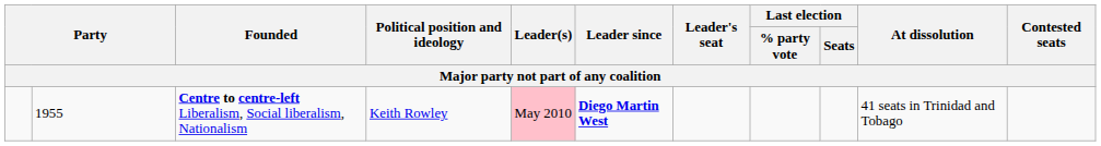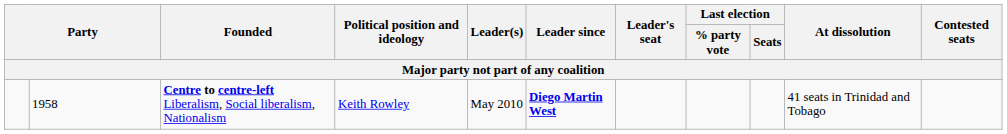 <table class="wikitable sortable">
 <tr>
 <th colspan="2" rowspan="2" style="width:16em;">Party</th>
 <th rowspan="2">Founded</th>
 <th rowspan="2">Political position and ideology</th>
 <th rowspan="2">Leader(s)</th>
 <th rowspan="2">Leader since</th>
 <th rowspan="2">Leader's seat</th>
 <th colspan="2">Last election</th>
 <th rowspan="2">At dissolution</th>
 <th rowspan="2">Contested seats</th>
 </tr>
 <tr>
 <th>% party vote</th>
 <th>Seats</th>
 </tr>
 <tr>
 <th colspan="11" style="text-align: center">Major party not part of any coalition</th>
 </tr>
 <tr>
 <td></td>
-<td style="text-align:left;" scope="row">1955</td>
+<td style="text-align:left;" scope="row">1958</td>
 <td><a href='#'><strong>Centre</strong></a> <strong>to <a href='#'>centre-left</a></strong><br><a href='#'>Liberalism</a>, <a href='#'>Social liberalism</a>, <a href='#'>Nationalism</a></td>
 <td><a href='#'>Keith Rowley</a></td>
-<td style="background: pink;">May 2010</td>
+<td>May 2010</td>
 <td><strong><a href='#'>Diego Martin West</a></strong></td>
 <td></td>
 <td></td>
 <td></td>
 <td>41 seats in Trinidad and Tobago</td>
 </tr>
 </table>
